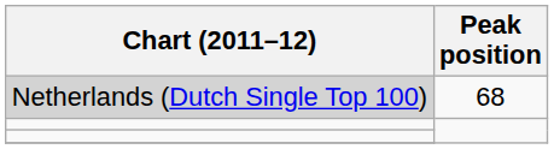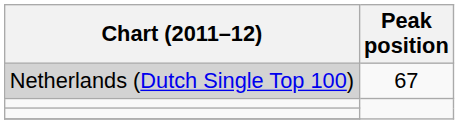 <table class="wikitable sortable">
 <tr>
 <th>Chart (2011–12)</th>
 <th>Peak<br>position</th>
 </tr>
 <tr>
 <td style="background: lightgrey;">Netherlands (<a href='#'>Dutch Single Top 100</a>)</td>
-<td align="center">68</td>
+<td align="center">67</td>
 </tr>
 <tr>
 <td></td>
 </tr>
 <tr>
 <td></td>
 </tr>
 <tr>
 </tr>
 </table>
